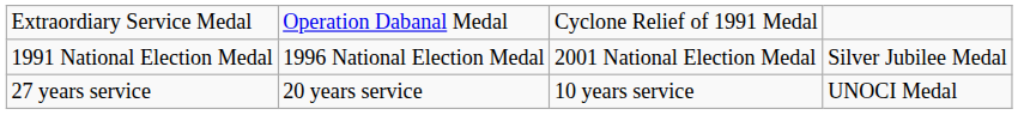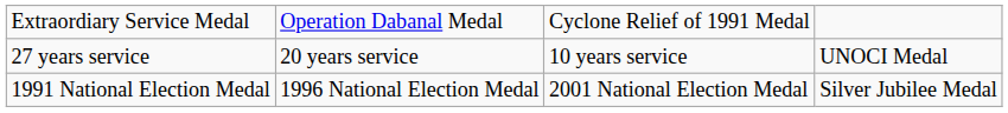 <table class="wikitable" style="margin:1em auto;">
 <tr>
 <td>Extraordiary Service Medal</td>
 <td><a href='#'>Operation Dabanal</a> Medal</td>
 <td>Cyclone Relief of 1991 Medal</td>
 </tr>
 <tr>
+<td>27 years service</td>
+<td>20 years service</td>
+<td>10 years service</td>
+<td>UNOCI Medal</td>
+</tr>
+<tr>
 <td>1991 National Election Medal</td>
 <td>1996 National Election Medal</td>
 <td>2001 National Election Medal</td>
 <td>Silver Jubilee Medal</td>
 </tr>
-<tr>
-<td>27 years service</td>
-<td>20 years service</td>
-<td>10 years service</td>
-<td>UNOCI Medal</td>
-</tr>
 </table>
